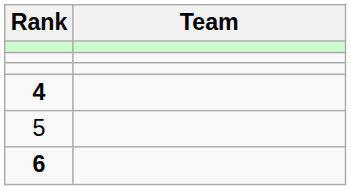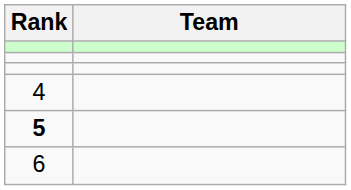 <table class=wikitable style="text-align:center">
 <tr>
 <th width=40>Rank</th>
 <th width=180>Team</th>
 </tr>
 <tr bgcolor=ccffcc>
 <td></td>
 <td align=left></td>
 </tr>
 <tr>
 <td></td>
 <td align=left></td>
 </tr>
 <tr>
 <td></td>
 <td align=left></td>
 </tr>
 <tr>
-<td><strong>4</strong></td>
+<td>4</td>
 <td align=left></td>
 </tr>
 <tr>
-<td>5</td>
+<td><strong>5</strong></td>
 <td align=left></td>
 </tr>
 <tr>
-<td><strong>6</strong></td>
+<td>6</td>
 <td align=left></td>
 </tr>
 </table>
